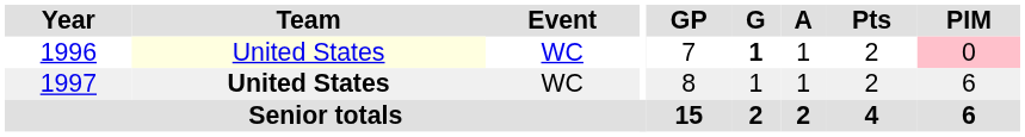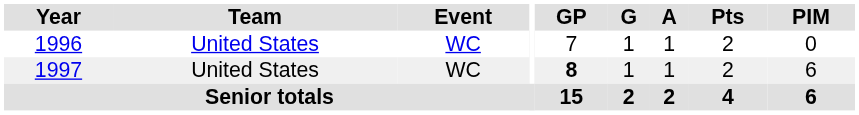 <table border="0" cellpadding="1" cellspacing="0" ID="Table3" style="text-align:center; width:40em">
 <tr bgcolor="#e0e0e0">
 <th>Year</th>
 <th>Team</th>
 <th>Event</th>
 <th rowspan="102" bgcolor="#ffffff"></th>
 <th>GP</th>
 <th>G</th>
 <th>A</th>
 <th>Pts</th>
 <th>PIM</th>
 </tr>
 <tr>
 <td><a href='#'>1996</a></td>
-<td style="background: lightyellow;"><a href='#'>United States</a></td>
+<td><a href='#'>United States</a></td>
 <td><a href='#'>WC</a></td>
 <td>7</td>
-<td><strong>1</strong></td>
+<td>1</td>
 <td>1</td>
 <td>2</td>
-<td style="background: pink;">0</td>
+<td>0</td>
 </tr>
 <tr bgcolor="#f0f0f0">
 <td><a href='#'>1997</a></td>
-<td><strong>United States</strong></td>
+<td>United States</td>
 <td>WC</td>
-<td>8</td>
+<td><strong>8</strong></td>
 <td>1</td>
 <td>1</td>
 <td>2</td>
 <td>6</td>
 </tr>
 <tr bgcolor="#e0e0e0">
 <th colspan="4">Senior totals</th>
 <th>15</th>
 <th>2</th>
 <th>2</th>
 <th>4</th>
 <th>6</th>
 </tr>
 </table>
